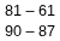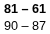 <table style="text-align:center">
 <tr>
 <th width=200></th>
 <th width=100></th>
 <th width=200></th>
 <th></th>
 </tr>
 <tr>
 <td align=right><strong></strong></td>
-<td>81 – 61</td>
+<td><strong>81 – 61</strong></td>
 <td align=left></td>
 </tr>
 <tr>
 <td align=right><strong></strong></td>
 <td>90 – 87</td>
 <td align=left></td>
 </tr>
 </table>
